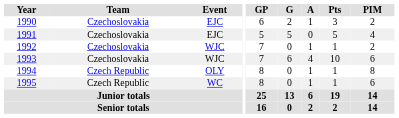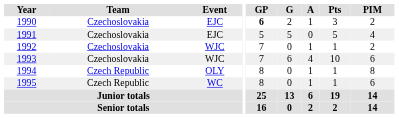 <table border="0" cellpadding="1" cellspacing="0" ID="Table3" style="text-align:center; width:40em">
 <tr bgcolor="#e0e0e0">
 <th>Year</th>
 <th>Team</th>
 <th>Event</th>
 <th rowspan="102" bgcolor="#ffffff"></th>
 <th>GP</th>
 <th>G</th>
 <th>A</th>
 <th>Pts</th>
 <th>PIM</th>
 </tr>
 <tr>
 <td><a href='#'>1990</a></td>
 <td><a href='#'>Czechoslovakia</a></td>
 <td><a href='#'>EJC</a></td>
-<td>6</td>
+<td><strong>6</strong></td>
 <td>2</td>
 <td>1</td>
 <td>3</td>
 <td>2</td>
 </tr>
 <tr bgcolor="#f0f0f0">
 <td><a href='#'>1991</a></td>
 <td>Czechoslovakia</td>
 <td>EJC</td>
 <td>5</td>
 <td>5</td>
 <td>0</td>
 <td>5</td>
 <td>4</td>
 </tr>
 <tr>
 <td><a href='#'>1992</a></td>
 <td><a href='#'>Czechoslovakia</a></td>
 <td><a href='#'>WJC</a></td>
 <td>7</td>
 <td>0</td>
 <td>1</td>
 <td>1</td>
 <td>2</td>
 </tr>
 <tr bgcolor="#f0f0f0">
 <td><a href='#'>1993</a></td>
 <td>Czechoslovakia</td>
 <td>WJC</td>
 <td>7</td>
 <td>6</td>
 <td>4</td>
 <td>10</td>
 <td>6</td>
 </tr>
 <tr>
 <td><a href='#'>1994</a></td>
 <td><a href='#'>Czech Republic</a></td>
 <td><a href='#'>OLY</a></td>
 <td>8</td>
 <td>0</td>
 <td>1</td>
 <td>1</td>
 <td>8</td>
 </tr>
 <tr bgcolor="#f0f0f0">
 <td><a href='#'>1995</a></td>
 <td>Czech Republic</td>
 <td><a href='#'>WC</a></td>
 <td>8</td>
 <td>0</td>
 <td>1</td>
 <td>1</td>
 <td>6</td>
 </tr>
 <tr bgcolor="#e0e0e0">
 <th colspan="3">Junior totals</th>
 <th>25</th>
 <th>13</th>
 <th>6</th>
 <th>19</th>
 <th>14</th>
 </tr>
 <tr bgcolor="#e0e0e0">
 <th colspan="3">Senior totals</th>
 <th>16</th>
 <th>0</th>
 <th>2</th>
 <th>2</th>
 <th>14</th>
 </tr>
 </table>
